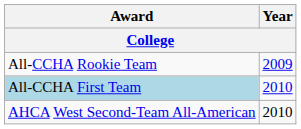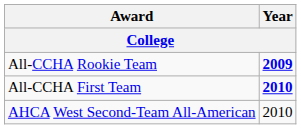 <table class="wikitable">
 <tr>
 <th>Award</th>
 <th>Year</th>
 </tr>
 <tr>
 <th colspan="3"><a href='#'>College</a></th>
 </tr>
 <tr>
 <td>All-<a href='#'>CCHA</a> <a href='#'>Rookie Team</a></td>
-<td><a href='#'>2009</a></td>
+<td><strong><a href='#'>2009</a></strong></td>
 </tr>
 <tr>
-<td style="background: lightblue;">All-CCHA <a href='#'>First Team</a></td>
-<td><a href='#'>2010</a></td>
+<td>All-CCHA <a href='#'>First Team</a></td>
+<td><strong><a href='#'>2010</a></strong></td>
 </tr>
 <tr>
 <td><a href='#'>AHCA</a> <a href='#'>West Second-Team All-American</a></td>
 <td>2010</td>
 </tr>
 </table>
